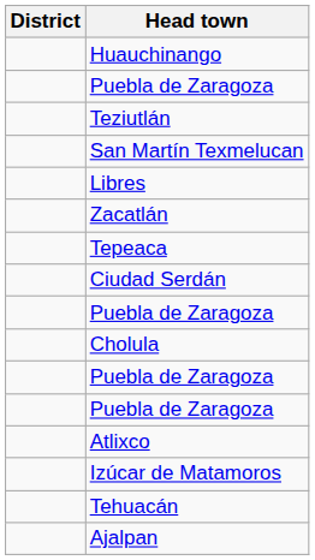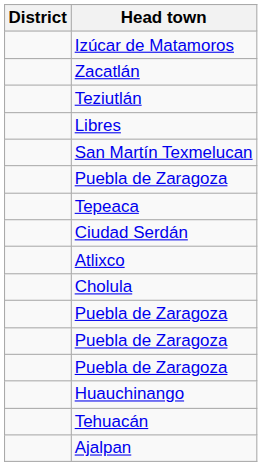 <table class="wikitable" border="1">
 <tr style="background:#efefef;">
 <th><strong>District</strong></th>
 <th><strong>Head town</strong></th>
 </tr>
 <tr>
 <td></td>
-<td><a href='#'>Huauchinango</a></td>
+<td><a href='#'>Izúcar de Matamoros</a></td>
 </tr>
 <tr>
 <td></td>
-<td><a href='#'>Puebla de Zaragoza</a></td>
+<td><a href='#'>Zacatlán</a></td>
 </tr>
 <tr>
 <td></td>
 <td><a href='#'>Teziutlán</a></td>
 </tr>
 <tr>
 <td></td>
+<td><a href='#'>Libres</a></td>
+</tr>
+<tr>
+<td></td>
 <td><a href='#'>San Martín Texmelucan</a></td>
 </tr>
 <tr>
 <td></td>
-<td><a href='#'>Libres</a></td>
-</tr>
-<tr>
-<td></td>
-<td><a href='#'>Zacatlán</a></td>
+<td><a href='#'>Puebla de Zaragoza</a></td>
 </tr>
 <tr>
 <td></td>
 <td><a href='#'>Tepeaca</a></td>
 </tr>
 <tr>
 <td></td>
 <td><a href='#'>Ciudad Serdán</a></td>
 </tr>
 <tr>
 <td></td>
-<td><a href='#'>Puebla de Zaragoza</a></td>
+<td><a href='#'>Atlixco</a></td>
 </tr>
 <tr>
 <td></td>
 <td><a href='#'>Cholula</a></td>
 </tr>
 <tr>
 <td></td>
 <td><a href='#'>Puebla de Zaragoza</a></td>
 </tr>
 <tr>
 <td></td>
 <td><a href='#'>Puebla de Zaragoza</a></td>
 </tr>
 <tr>
 <td></td>
-<td><a href='#'>Atlixco</a></td>
+<td><a href='#'>Puebla de Zaragoza</a></td>
 </tr>
 <tr>
 <td></td>
-<td><a href='#'>Izúcar de Matamoros</a></td>
+<td><a href='#'>Huauchinango</a></td>
 </tr>
 <tr>
 <td></td>
 <td><a href='#'>Tehuacán</a></td>
 </tr>
 <tr>
 <td></td>
 <td><a href='#'>Ajalpan</a></td>
 </tr>
 </table>
